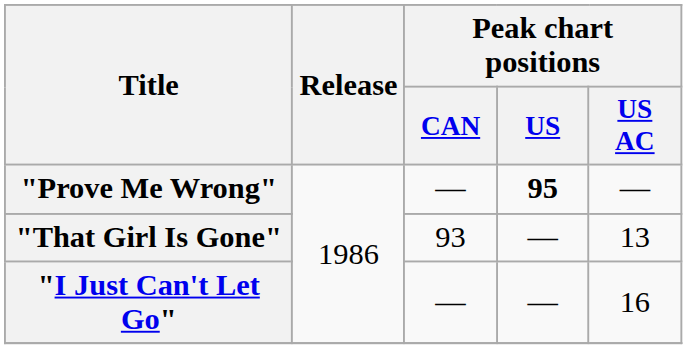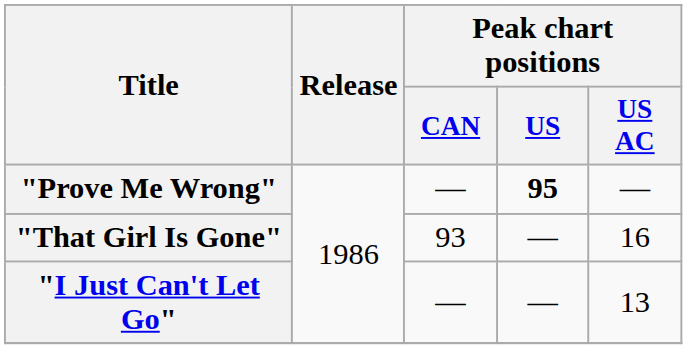 <table class="wikitable plainrowheaders" style="text-align:center;">
 <tr>
 <th scope="col" rowspan="2" style="width:9em;">Title</th>
 <th scope="col" rowspan="2" style="width:0.5em;">Release</th>
 <th colspan="5" scope="col">Peak chart positions</th>
 </tr>
 <tr>
 <th scope="col" style="width:2.9em;font-size:90%;"><a href='#'>CAN</a><br></th>
 <th scope="col" style="width:2.9em;font-size:90%;"><a href='#'>US</a><br></th>
 <th scope="col" style="width:2.9em;font-size:90%;"><a href='#'>US<br>AC</a><br></th>
 </tr>
 <tr>
 <th scope="row">"Prove Me Wrong"</th>
 <td rowspan=3>1986</td>
 <td>—</td>
 <td><strong>95</strong></td>
 <td>—</td>
 </tr>
 <tr>
 <th scope="row">"That Girl Is Gone"</th>
 <td>93</td>
 <td>—</td>
-<td>13</td>
+<td>16</td>
 </tr>
 <tr>
 <th scope="row">"<a href='#'>I Just Can't Let Go</a>"</th>
 <td>—</td>
 <td>—</td>
-<td>16</td>
+<td>13</td>
 </tr>
 <tr>
 </tr>
 </table>
